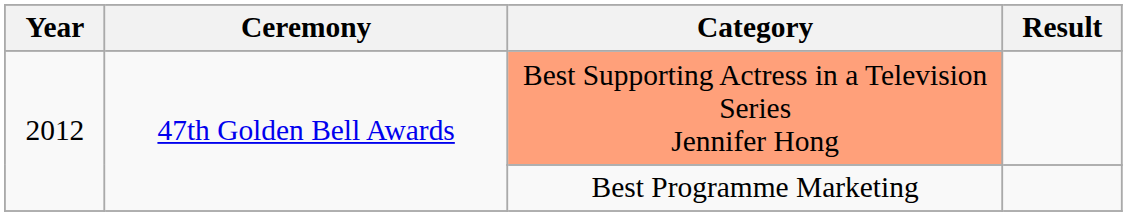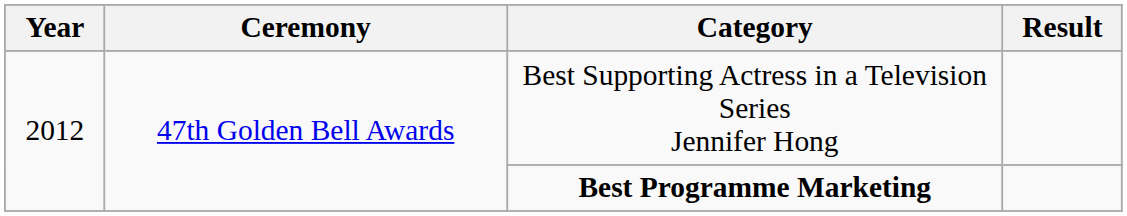 <table class="wikitable">
 <tr>
 <th style="width:50px;">Year</th>
 <th style="width:240px;">Ceremony</th>
 <th style="width:300px;">Category</th>
 <th style="width:60px;">Result</th>
 </tr>
 <tr>
 <td align="center" rowspan=2>2012</td>
 <td align="center" rowspan=2><a href='#'>47th Golden Bell Awards</a></td>
-<td align="center" style="background: lightsalmon;">Best Supporting Actress in a Television Series  <br> Jennifer Hong</td>
+<td align="center">Best Supporting Actress in a Television Series  <br> Jennifer Hong</td>
 <td></td>
 </tr>
 <tr>
-<td align="center">Best Programme Marketing</td>
+<td align="center"><strong>Best Programme Marketing</strong></td>
 <td></td>
 </tr>
 </table>
